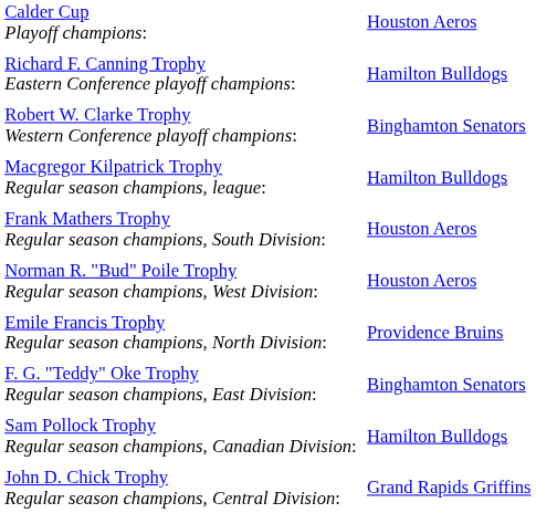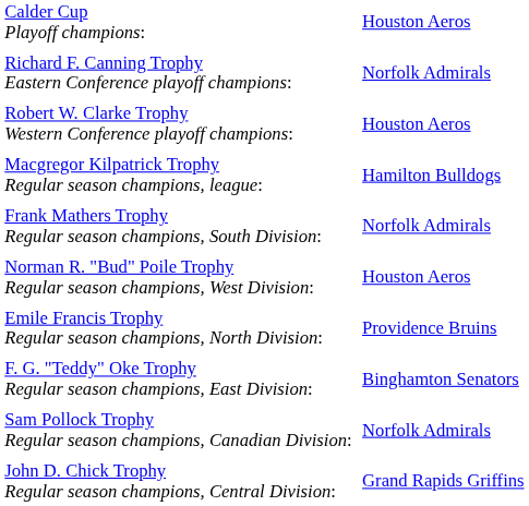 <table cellpadding="3" cellspacing="3">
 <tr>
 <td><a href='#'>Calder Cup</a><br><em>Playoff champions</em>:</td>
 <td><a href='#'>Houston Aeros</a></td>
 </tr>
 <tr>
 <td><a href='#'>Richard F. Canning Trophy</a><br><em>Eastern Conference playoff champions</em>:</td>
-<td><a href='#'>Hamilton Bulldogs</a></td>
+<td><a href='#'>Norfolk Admirals</a></td>
 </tr>
 <tr>
 <td><a href='#'>Robert W. Clarke Trophy</a><br><em>Western Conference playoff champions</em>:</td>
-<td><a href='#'>Binghamton Senators</a></td>
+<td><a href='#'>Houston Aeros</a></td>
 </tr>
 <tr>
 <td><a href='#'>Macgregor Kilpatrick Trophy</a><br><em>Regular season champions, league</em>:</td>
 <td><a href='#'>Hamilton Bulldogs</a></td>
 </tr>
 <tr>
 <td><a href='#'>Frank Mathers Trophy</a><br><em>Regular season champions, South Division</em>:</td>
-<td><a href='#'>Houston Aeros</a></td>
+<td><a href='#'>Norfolk Admirals</a></td>
 </tr>
 <tr>
 <td><a href='#'>Norman R. "Bud" Poile Trophy</a><br><em>Regular season champions, West Division</em>:</td>
 <td><a href='#'>Houston Aeros</a></td>
 </tr>
 <tr>
 <td><a href='#'>Emile Francis Trophy</a><br><em>Regular season champions, North Division</em>:</td>
 <td><a href='#'>Providence Bruins</a></td>
 </tr>
 <tr>
 <td><a href='#'>F. G. "Teddy" Oke Trophy</a><br><em>Regular season champions, East Division</em>:</td>
 <td><a href='#'>Binghamton Senators</a></td>
 </tr>
 <tr>
 <td><a href='#'>Sam Pollock Trophy</a><br><em>Regular season champions, Canadian Division</em>:</td>
-<td><a href='#'>Hamilton Bulldogs</a></td>
+<td><a href='#'>Norfolk Admirals</a></td>
 </tr>
 <tr>
 <td><a href='#'>John D. Chick Trophy</a><br><em>Regular season champions, Central Division</em>:</td>
 <td><a href='#'>Grand Rapids Griffins</a></td>
 </tr>
 </table>
